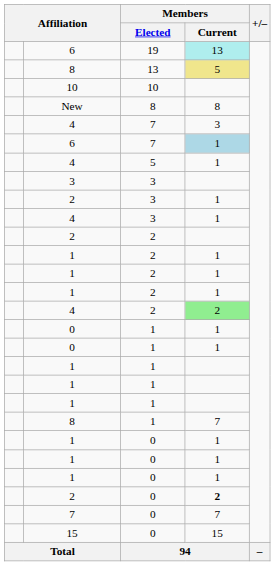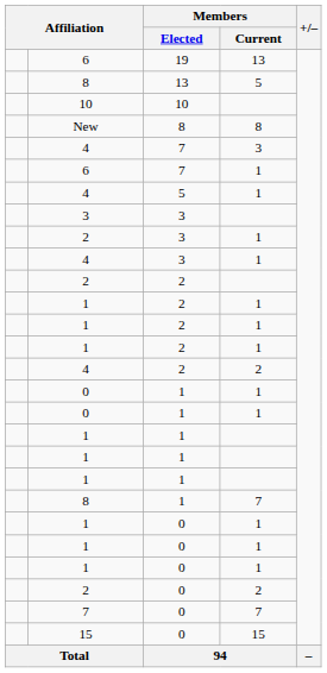 <table class="wikitable" border="1" style="font-size: 95%; text-align: center;">
 <tr>
 <th colspan="2" rowspan="2" class=unsortable style="text-align: center; vertical-align: middle; width: 150px;">Affiliation</th>
 <th colspan="2" style="vertical-align: top;">Members</th>
 <th rowspan="2">+/–</th>
 </tr>
 <tr>
 <th data-sort-type=number style="width: 80px;"><a href='#'>Elected</a></th>
 <th style="width: 80px;">Current</th>
 </tr>
 <tr>
 <td></td>
 <td style="text-align: center;">6</td>
 <td style="text-align: center;">19</td>
-<td style="background: paleturquoise;">13</td>
+<td>13</td>
 </tr>
 <tr>
 <td></td>
 <td style="text-align: center;">8</td>
 <td style="text-align: center;">13</td>
-<td style="background: khaki;">5</td>
+<td>5</td>
 </tr>
 <tr>
 <td></td>
 <td style="text-align: center;">10</td>
 <td style="text-align: center;">10</td>
 <td></td>
 </tr>
 <tr>
 <td></td>
 <td style="text-align: center;">New</td>
 <td style="text-align: center;">8</td>
 <td>8</td>
 </tr>
 <tr>
 <td></td>
 <td style="text-align: center;">4</td>
 <td style="text-align: center;">7</td>
 <td>3</td>
 </tr>
 <tr>
 <td></td>
 <td style="text-align: center;">6</td>
 <td style="text-align: center;">7</td>
-<td style="background: lightblue;">1</td>
+<td>1</td>
 </tr>
 <tr>
 <td></td>
 <td style="text-align: center;">4</td>
 <td style="text-align: center;">5</td>
 <td>1</td>
 </tr>
 <tr>
 <td></td>
 <td style="text-align: center;">3</td>
 <td style="text-align: center;">3</td>
 <td></td>
 </tr>
 <tr>
 <td></td>
 <td style="text-align: center;">2</td>
 <td style="text-align: center;">3</td>
 <td>1</td>
 </tr>
 <tr>
 <td></td>
 <td style="text-align: center;">4</td>
 <td style="text-align: center;">3</td>
 <td>1</td>
 </tr>
 <tr>
 <td></td>
 <td style="text-align: center;">2</td>
 <td style="text-align: center;">2</td>
 <td></td>
 </tr>
 <tr>
 <td></td>
 <td style="text-align: center;">1</td>
 <td style="text-align: center;">2</td>
 <td>1</td>
 </tr>
 <tr>
 <td></td>
 <td style="text-align: center;">1</td>
 <td style="text-align: center;">2</td>
 <td>1</td>
 </tr>
 <tr>
 <td></td>
 <td style="text-align: center;">1</td>
 <td style="text-align: center;">2</td>
 <td>1</td>
 </tr>
 <tr>
 <td></td>
 <td style="text-align: center;">4</td>
 <td style="text-align: center;">2</td>
-<td style="background: lightgreen;">2</td>
+<td>2</td>
 </tr>
 <tr>
 <td></td>
 <td style="text-align: center;">0</td>
 <td style="text-align: center;">1</td>
 <td>1</td>
 </tr>
 <tr>
 <td></td>
 <td style="text-align: center;">0</td>
 <td style="text-align: center;">1</td>
 <td>1</td>
 </tr>
 <tr>
 <td></td>
 <td style="text-align: center;">1</td>
 <td style="text-align: center;">1</td>
 <td></td>
 </tr>
 <tr>
 <td></td>
 <td style="text-align: center;">1</td>
 <td style="text-align: center;">1</td>
 <td></td>
 </tr>
 <tr>
 <td></td>
 <td style="text-align: center;">1</td>
 <td style="text-align: center;">1</td>
 <td></td>
 </tr>
 <tr>
 <td></td>
 <td style="text-align: center;">8</td>
 <td style="text-align: center;">1</td>
 <td>7</td>
 </tr>
 <tr>
 <td></td>
 <td style="text-align: center;">1</td>
 <td style="text-align: center;">0</td>
 <td>1</td>
 </tr>
 <tr>
 <td></td>
 <td style="text-align: center;">1</td>
 <td style="text-align: center;">0</td>
 <td>1</td>
 </tr>
 <tr>
 <td></td>
 <td style="text-align: center;">1</td>
 <td style="text-align: center;">0</td>
 <td>1</td>
 </tr>
 <tr>
 <td></td>
 <td style="text-align: center;">2</td>
 <td style="text-align: center;">0</td>
-<td><strong>2</strong></td>
+<td>2</td>
 </tr>
 <tr>
 <td></td>
 <td style="text-align: center;">7</td>
 <td style="text-align: center;">0</td>
 <td>7</td>
 </tr>
 <tr>
 <td></td>
 <td style="text-align: center;">15</td>
 <td style="text-align: center;">0</td>
 <td>15</td>
 </tr>
 <tr>
 <th colspan="2">Total</th>
 <th colspan="2">94</th>
 <th>–</th>
 </tr>
 </table>
